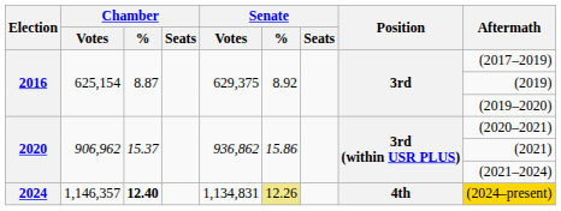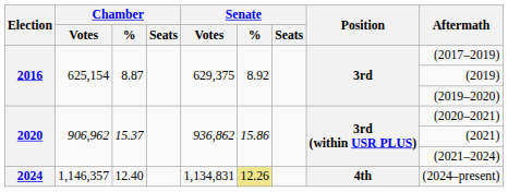 <table class="wikitable" style="text-align: right;">
 <tr>
 <th rowspan="2">Election</th>
 <th colspan="3"><a href='#'>Chamber</a></th>
 <th colspan="3"><a href='#'>Senate</a></th>
 <th rowspan="2">Position</th>
 <th rowspan="2">Aftermath</th>
 </tr>
 <tr>
 <th>Votes</th>
 <th>%</th>
 <th>Seats</th>
 <th>Votes</th>
 <th>%</th>
 <th>Seats</th>
 </tr>
 <tr>
 <th rowspan=3><a href='#'>2016</a></th>
 <td rowspan=3>625,154</td>
 <td rowspan=3>8.87</td>
 <td rowspan=3></td>
 <td rowspan=3>629,375</td>
 <td rowspan=3>8.92</td>
 <td rowspan=3></td>
 <th rowspan=3; style="text-align: center;">3rd</th>
 <td> (2017–2019)</td>
 </tr>
 <tr>
 <td> (2019)</td>
 </tr>
 <tr>
 <td> (2019–2020)</td>
 </tr>
 <tr>
 <th rowspan="3"><a href='#'>2020</a></th>
 <td rowspan="3"><em>906,962</em></td>
 <td rowspan="3"><em>15.37</em></td>
 <td rowspan="3"></td>
 <td rowspan="3"><em>936,862</em></td>
 <td rowspan="3"><em>15.86</em></td>
 <td rowspan="3"></td>
 <th rowspan="3" style="text-align: center;">3rd <br> (within <a href='#'>USR PLUS</a>)</th>
 <td> (2020–2021)</td>
 </tr>
 <tr>
 <td> (2021)</td>
 </tr>
 <tr>
 <td> (2021–2024)</td>
 </tr>
 <tr>
 <th><a href='#'>2024</a></th>
 <td>1,146,357</td>
-<td><strong>12.40</strong></td>
+<td>12.40</td>
 <td></td>
 <td>1,134,831</td>
 <td style="background: khaki;">12.26</td>
 <td></td>
 <th style="text-align: center;">4th</th>
-<td style="background: gold;"> (2024–present)</td>
+<td> (2024–present)</td>
 </tr>
 </table>
